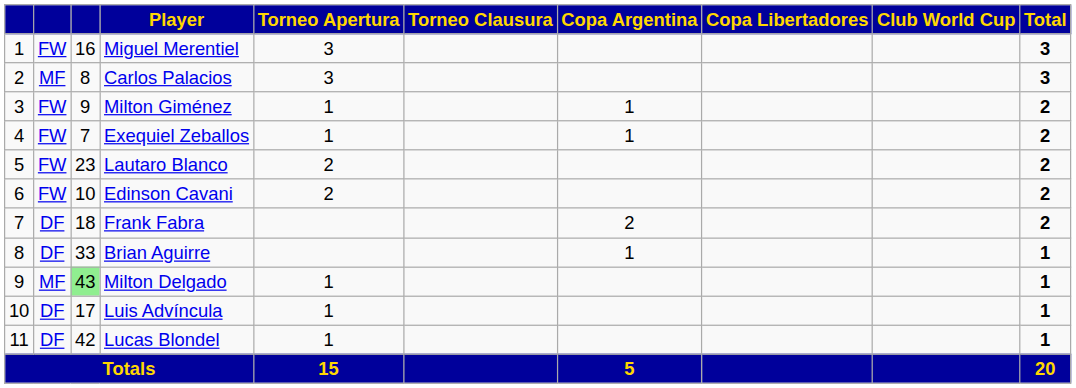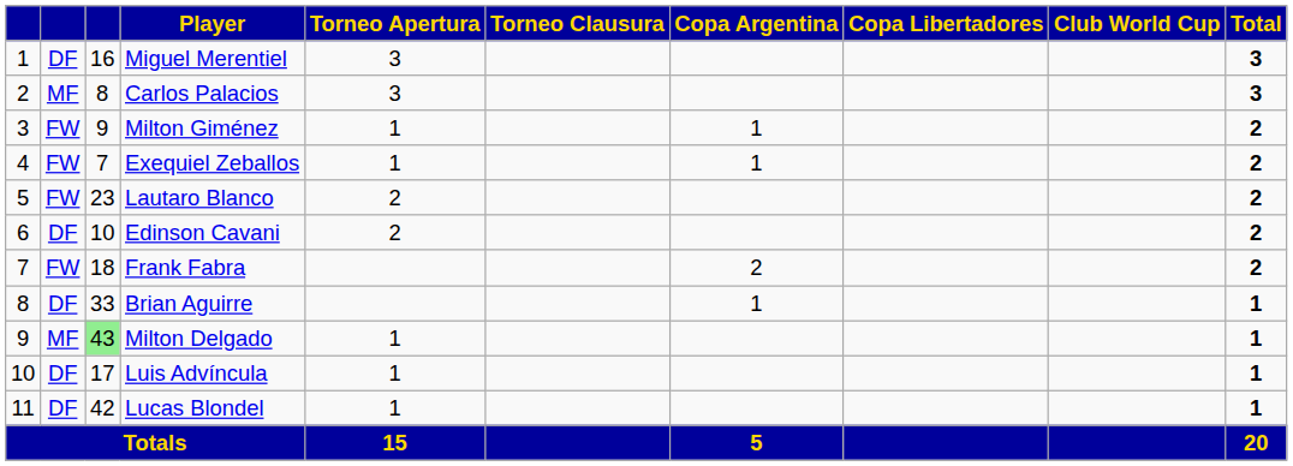 <table class="wikitable sortable" style="font-size: 95%; text-align: center;">
 <tr>
 <th style="background:#00009B; color:gold; width=15"></th>
 <th style="background:#00009B; color:gold; width=15"></th>
 <th style="background:#00009B; color:gold; width=15"></th>
 <th style="background:#00009B; color:gold; width=15 width=150">Player</th>
 <th style="background:#00009B; color:gold; width=15 width=75">Torneo Apertura</th>
 <th style="background:#00009B; color:gold; width=15 width=75">Torneo Clausura</th>
 <th style="background:#00009B; color:gold; width=15 width=75">Copa Argentina</th>
 <th style="background:#00009B; color:gold; width=15 width=75">Copa Libertadores</th>
 <th style="background:#00009B; color:gold; width=15 width=75">Club World Cup</th>
 <th style="background:#00009B; color:gold; width=15 width=75">Total</th>
 </tr>
 <tr>
 <td>1</td>
-<td><a href='#'>FW</a></td>
+<td><a href='#'>DF</a></td>
 <td>16</td>
 <td align=left> <a href='#'>Miguel Merentiel</a></td>
 <td>3</td>
 <td></td>
 <td></td>
 <td></td>
 <td></td>
 <td><strong>3</strong></td>
 </tr>
 <tr>
 <td>2</td>
 <td><a href='#'>MF</a></td>
 <td>8</td>
 <td align=left> <a href='#'>Carlos Palacios</a></td>
 <td>3</td>
 <td></td>
 <td></td>
 <td></td>
 <td></td>
 <td><strong>3</strong></td>
 </tr>
 <tr>
 <td>3</td>
 <td><a href='#'>FW</a></td>
 <td>9</td>
 <td align=left> <a href='#'>Milton Giménez</a></td>
 <td>1</td>
 <td></td>
 <td>1</td>
 <td></td>
 <td></td>
 <td><strong>2</strong></td>
 </tr>
 <tr>
 <td>4</td>
 <td><a href='#'>FW</a></td>
 <td>7</td>
 <td align=left> <a href='#'>Exequiel Zeballos</a></td>
 <td>1</td>
 <td></td>
 <td>1</td>
 <td></td>
 <td></td>
 <td><strong>2</strong></td>
 </tr>
 <tr>
 <td>5</td>
 <td><a href='#'>FW</a></td>
 <td>23</td>
 <td align=left> <a href='#'>Lautaro Blanco</a></td>
 <td>2</td>
 <td></td>
 <td></td>
 <td></td>
 <td></td>
 <td><strong>2</strong></td>
 </tr>
 <tr>
 <td>6</td>
-<td><a href='#'>FW</a></td>
+<td><a href='#'>DF</a></td>
 <td>10</td>
 <td align=left> <a href='#'>Edinson Cavani</a></td>
 <td>2</td>
 <td></td>
 <td></td>
 <td></td>
 <td></td>
 <td><strong>2</strong></td>
 </tr>
 <tr>
 <td>7</td>
-<td><a href='#'>DF</a></td>
+<td><a href='#'>FW</a></td>
 <td>18</td>
 <td align=left> <a href='#'>Frank Fabra</a></td>
 <td></td>
 <td></td>
 <td>2</td>
 <td></td>
 <td></td>
 <td><strong>2</strong></td>
 </tr>
 <tr>
 <td>8</td>
 <td><a href='#'>DF</a></td>
 <td>33</td>
 <td align=left> <a href='#'>Brian Aguirre</a></td>
 <td></td>
 <td></td>
 <td>1</td>
 <td></td>
 <td></td>
 <td><strong>1</strong></td>
 </tr>
 <tr>
 <td>9</td>
 <td><a href='#'>MF</a></td>
 <td style="background: lightgreen;">43</td>
 <td align=left> <a href='#'>Milton Delgado</a></td>
 <td>1</td>
 <td></td>
 <td></td>
 <td></td>
 <td></td>
 <td><strong>1</strong></td>
 </tr>
 <tr>
 <td>10</td>
 <td><a href='#'>DF</a></td>
 <td>17</td>
 <td align=left> <a href='#'>Luis Advíncula</a></td>
 <td>1</td>
 <td></td>
 <td></td>
 <td></td>
 <td></td>
 <td><strong>1</strong></td>
 </tr>
 <tr>
 <td>11</td>
 <td><a href='#'>DF</a></td>
 <td>42</td>
 <td align=left> <a href='#'>Lucas Blondel</a></td>
 <td>1</td>
 <td></td>
 <td></td>
 <td></td>
 <td></td>
 <td><strong>1</strong></td>
 </tr>
 <tr align=center>
 <th style="background:#00009B; color:gold"; colspan=4><strong>Totals</strong></th>
 <th style="background:#00009B; color:gold";><strong>15</strong></th>
 <th style="background:#00009B; color:gold";><strong> </strong></th>
 <th style="background:#00009B; color:gold";><strong>5</strong></th>
 <th style="background:#00009B; color:gold";><strong> </strong></th>
 <th style="background:#00009B; color:gold";><strong> </strong></th>
 <th style="background:#00009B; color:gold";><strong>20</strong></th>
 </tr>
 </table>
